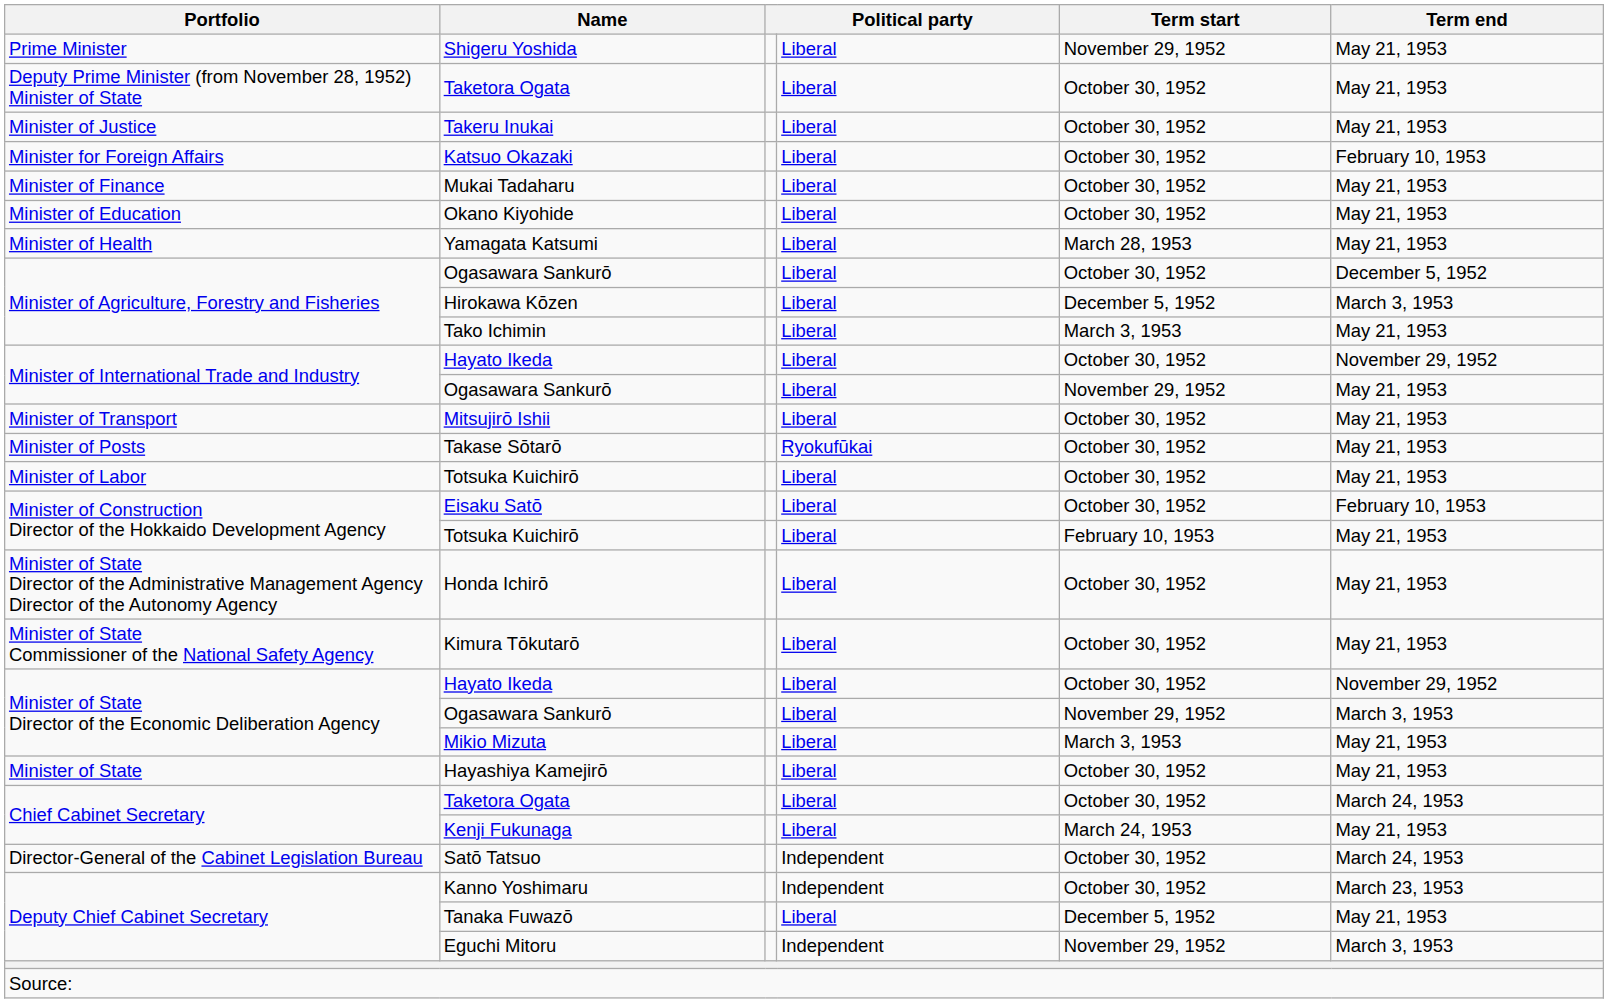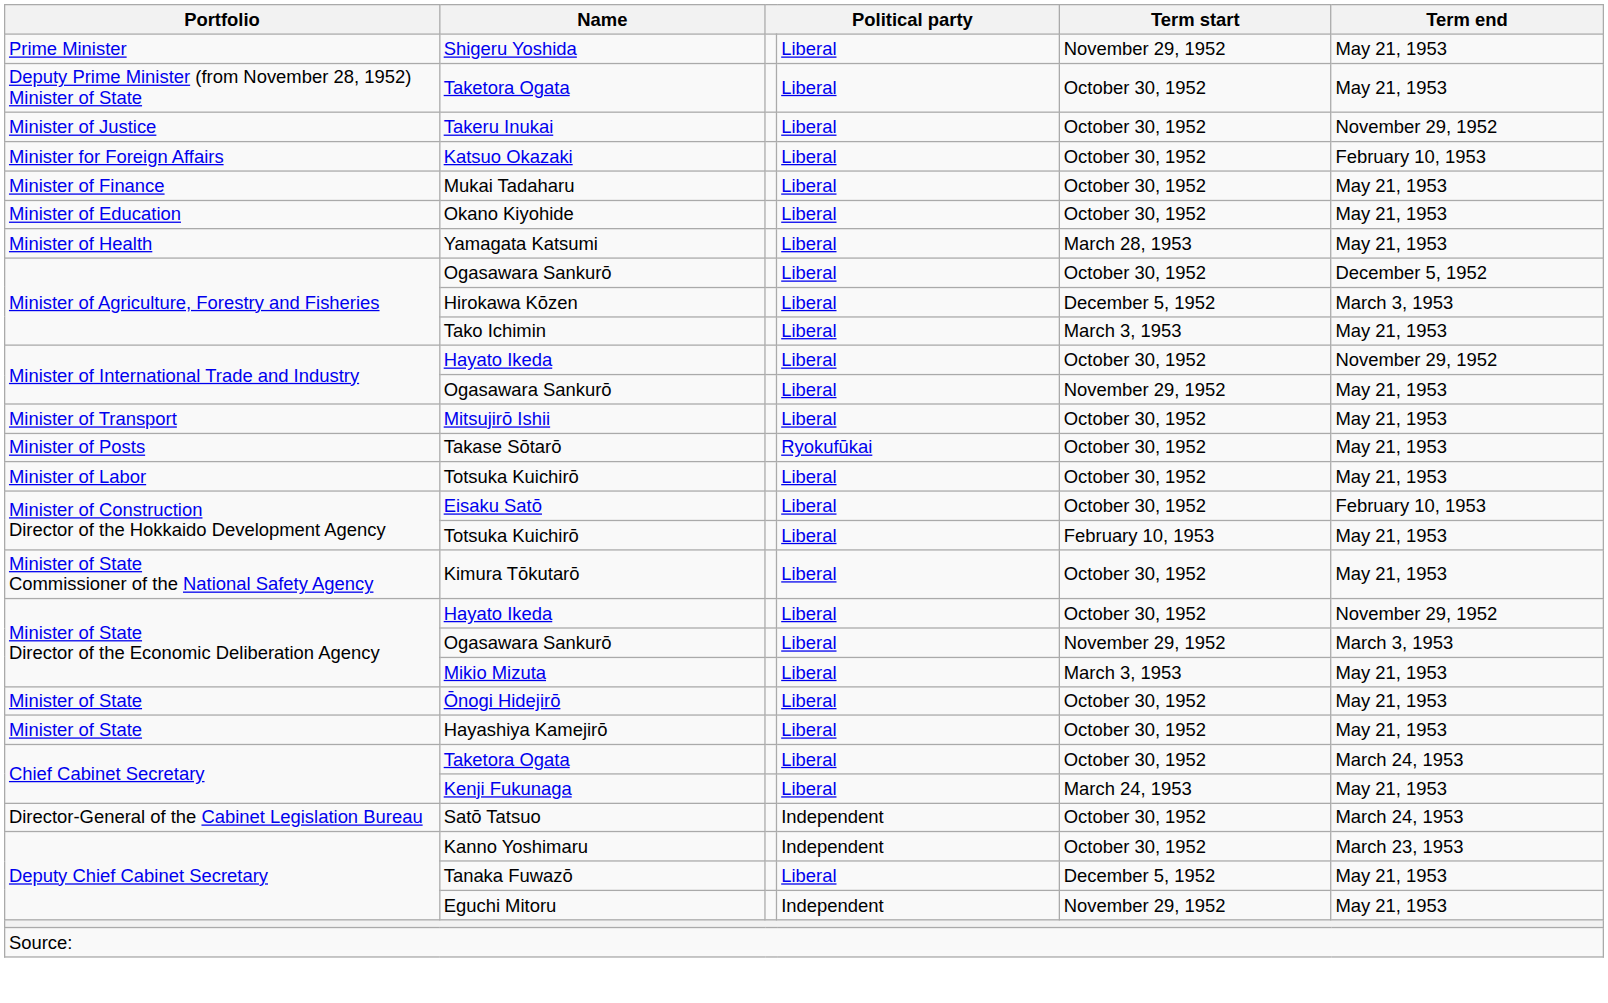 <table class="wikitable" style="font-size: 90%;">
 <tr>
 <th scope="col" width="20%">Portfolio</th>
 <th scope="col" width="15%">Name</th>
 <th colspan="2" scope="col" width="13.5%">Political party</th>
 <th scope="col" width="12.5%">Term start</th>
 <th scope="col" width="12.5%">Term end</th>
 </tr>
 <tr>
 <td style="text-align: left;"><a href='#'>Prime Minister</a></td>
 <td><a href='#'>Shigeru Yoshida</a></td>
 <td width="0.5%" style="background:"></td>
 <td><a href='#'>Liberal</a></td>
 <td>November 29, 1952</td>
 <td>May 21, 1953</td>
 </tr>
 <tr>
 <td><a href='#'>Deputy Prime Minister</a> (from November 28, 1952)<br><a href='#'>Minister of State</a></td>
 <td><a href='#'>Taketora Ogata</a></td>
 <td style="color:inherit;background:"></td>
 <td><a href='#'>Liberal</a></td>
 <td>October 30, 1952</td>
 <td>May 21, 1953</td>
 </tr>
 <tr>
 <td><a href='#'>Minister of Justice</a></td>
 <td><a href='#'>Takeru Inukai</a></td>
 <td style="color:inherit;background:"></td>
 <td><a href='#'>Liberal</a></td>
 <td>October 30, 1952</td>
-<td>May 21, 1953</td>
+<td>November 29, 1952</td>
 </tr>
 <tr>
 <td><a href='#'>Minister for Foreign Affairs</a></td>
 <td><a href='#'>Katsuo Okazaki</a></td>
 <td style="color:inherit;background:"></td>
 <td><a href='#'>Liberal</a></td>
 <td>October 30, 1952</td>
 <td>February 10, 1953</td>
 </tr>
 <tr>
 <td><a href='#'>Minister of Finance</a></td>
 <td>Mukai Tadaharu</td>
 <td style="color:inherit;background:"></td>
 <td><a href='#'>Liberal</a></td>
 <td>October 30, 1952</td>
 <td>May 21, 1953</td>
 </tr>
 <tr>
 <td><a href='#'>Minister of Education</a></td>
 <td>Okano Kiyohide</td>
 <td style="color:inherit;background:"></td>
 <td><a href='#'>Liberal</a></td>
 <td>October 30, 1952</td>
 <td>May 21, 1953</td>
 </tr>
 <tr>
 <td><a href='#'>Minister of Health</a></td>
 <td>Yamagata Katsumi</td>
 <td style="color:inherit;background:"></td>
 <td><a href='#'>Liberal</a></td>
 <td>March 28, 1953</td>
 <td>May 21, 1953</td>
 </tr>
 <tr>
 <td rowspan="3"><a href='#'>Minister of Agriculture, Forestry and Fisheries</a></td>
 <td>Ogasawara Sankurō</td>
 <td style="color:inherit;background:"></td>
 <td><a href='#'>Liberal</a></td>
 <td>October 30, 1952</td>
 <td>December 5, 1952</td>
 </tr>
 <tr>
 <td>Hirokawa Kōzen</td>
 <td style="color:inherit;background:"></td>
 <td><a href='#'>Liberal</a></td>
 <td>December 5, 1952</td>
 <td>March 3, 1953</td>
 </tr>
 <tr>
 <td>Tako Ichimin</td>
 <td style="color:inherit;background:"></td>
 <td><a href='#'>Liberal</a></td>
 <td>March 3, 1953</td>
 <td>May 21, 1953</td>
 </tr>
 <tr>
 <td rowspan="2"><a href='#'>Minister of International Trade and Industry</a></td>
 <td><a href='#'>Hayato Ikeda</a></td>
 <td style="color:inherit;background:"></td>
 <td><a href='#'>Liberal</a></td>
 <td>October 30, 1952</td>
 <td>November 29, 1952</td>
 </tr>
 <tr>
 <td>Ogasawara Sankurō</td>
 <td style="color:inherit;background:"></td>
 <td><a href='#'>Liberal</a></td>
 <td>November 29, 1952</td>
 <td>May 21, 1953</td>
 </tr>
 <tr>
 <td><a href='#'>Minister of Transport</a></td>
 <td><a href='#'>Mitsujirō Ishii</a></td>
 <td style="color:inherit;background:"></td>
 <td><a href='#'>Liberal</a></td>
 <td>October 30, 1952</td>
 <td>May 21, 1953</td>
 </tr>
 <tr>
 <td><a href='#'>Minister of Posts</a></td>
 <td>Takase Sōtarō</td>
 <td></td>
 <td><a href='#'>Ryokufūkai</a></td>
 <td>October 30, 1952</td>
 <td>May 21, 1953</td>
 </tr>
 <tr>
 <td><a href='#'>Minister of Labor</a></td>
 <td>Totsuka Kuichirō</td>
 <td style="color:inherit;background:"></td>
 <td><a href='#'>Liberal</a></td>
 <td>October 30, 1952</td>
 <td>May 21, 1953</td>
 </tr>
 <tr>
 <td rowspan="2"><a href='#'>Minister of Construction</a><br>Director of the Hokkaido Development Agency</td>
 <td><a href='#'>Eisaku Satō</a></td>
 <td style="color:inherit;background:"></td>
 <td><a href='#'>Liberal</a></td>
 <td>October 30, 1952</td>
 <td>February 10, 1953</td>
 </tr>
 <tr>
 <td>Totsuka Kuichirō</td>
 <td style="color:inherit;background:"></td>
 <td><a href='#'>Liberal</a></td>
 <td>February 10, 1953</td>
 <td>May 21, 1953</td>
 </tr>
 <tr>
-<td><a href='#'>Minister of State</a><br>Director of the Administrative Management Agency<br>Director of the Autonomy Agency</td>
-<td>Honda Ichirō</td>
-<td style="color:inherit;background:"></td>
-<td><a href='#'>Liberal</a></td>
-<td>October 30, 1952</td>
-<td>May 21, 1953</td>
-</tr>
-<tr>
 <td><a href='#'>Minister of State</a><br>Commissioner of the <a href='#'>National Safety Agency</a></td>
 <td>Kimura Tōkutarō</td>
 <td style="color:inherit;background:"></td>
 <td><a href='#'>Liberal</a></td>
 <td>October 30, 1952</td>
 <td>May 21, 1953</td>
 </tr>
 <tr>
 <td rowspan="3"><a href='#'>Minister of State</a><br>Director of the Economic Deliberation Agency</td>
 <td><a href='#'>Hayato Ikeda</a></td>
 <td style="color:inherit;background:"></td>
 <td><a href='#'>Liberal</a></td>
 <td>October 30, 1952</td>
 <td>November 29, 1952</td>
 </tr>
 <tr>
 <td>Ogasawara Sankurō</td>
 <td style="color:inherit;background:"></td>
 <td><a href='#'>Liberal</a></td>
 <td>November 29, 1952</td>
 <td>March 3, 1953</td>
 </tr>
 <tr>
 <td><a href='#'>Mikio Mizuta</a></td>
 <td style="color:inherit;background:"></td>
 <td><a href='#'>Liberal</a></td>
 <td>March 3, 1953</td>
+<td>May 21, 1953</td>
+</tr>
+<tr>
+<td><a href='#'>Minister of State</a></td>
+<td><a href='#'>Ōnogi Hidejirō</a></td>
+<td style="color:inherit;background:"></td>
+<td><a href='#'>Liberal</a></td>
+<td>October 30, 1952</td>
 <td>May 21, 1953</td>
 </tr>
 <tr>
 <td><a href='#'>Minister of State</a></td>
 <td>Hayashiya Kamejirō</td>
 <td style="color:inherit;background:"></td>
 <td><a href='#'>Liberal</a></td>
 <td>October 30, 1952</td>
 <td>May 21, 1953</td>
 </tr>
 <tr>
 <td rowspan="2"><a href='#'>Chief Cabinet Secretary</a></td>
 <td><a href='#'>Taketora Ogata</a></td>
 <td style="color:inherit;background:"></td>
 <td><a href='#'>Liberal</a></td>
 <td>October 30, 1952</td>
 <td>March 24, 1953</td>
 </tr>
 <tr>
 <td><a href='#'>Kenji Fukunaga</a></td>
 <td style="color:inherit;background:"></td>
 <td><a href='#'>Liberal</a></td>
 <td>March 24, 1953</td>
 <td>May 21, 1953</td>
 </tr>
 <tr>
 <td>Director-General of the <a href='#'>Cabinet Legislation Bureau</a></td>
 <td>Satō Tatsuo</td>
 <td style="color:inherit;background:"></td>
 <td>Independent</td>
 <td>October 30, 1952</td>
 <td>March 24, 1953</td>
 </tr>
 <tr>
 <td rowspan="3"><a href='#'>Deputy Chief Cabinet Secretary</a></td>
 <td>Kanno Yoshimaru</td>
 <td style="color:inherit;background:"></td>
 <td>Independent</td>
 <td>October 30, 1952</td>
 <td>March 23, 1953</td>
 </tr>
 <tr>
 <td>Tanaka Fuwazō</td>
 <td style="color:inherit;background:"></td>
 <td><a href='#'>Liberal</a></td>
 <td>December 5, 1952</td>
 <td>May 21, 1953</td>
 </tr>
 <tr>
 <td>Eguchi Mitoru</td>
 <td style="color:inherit;background:"></td>
 <td>Independent</td>
 <td>November 29, 1952</td>
-<td>March 3, 1953</td>
+<td>May 21, 1953</td>
 </tr>
 <tr>
 <th colspan="6"></th>
 </tr>
 <tr>
 <td colspan="6">Source:</td>
 </tr>
 </table>
